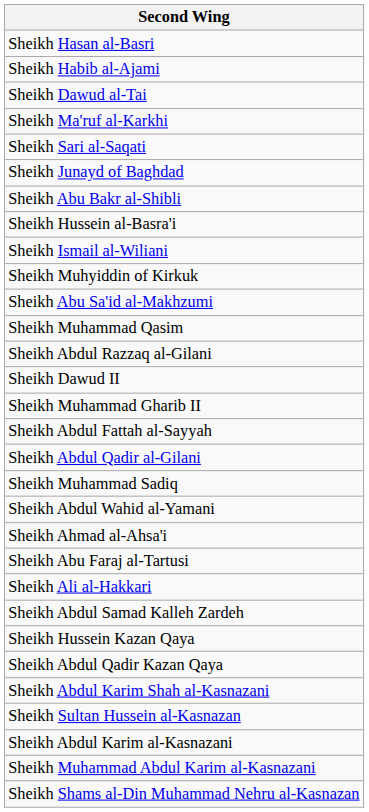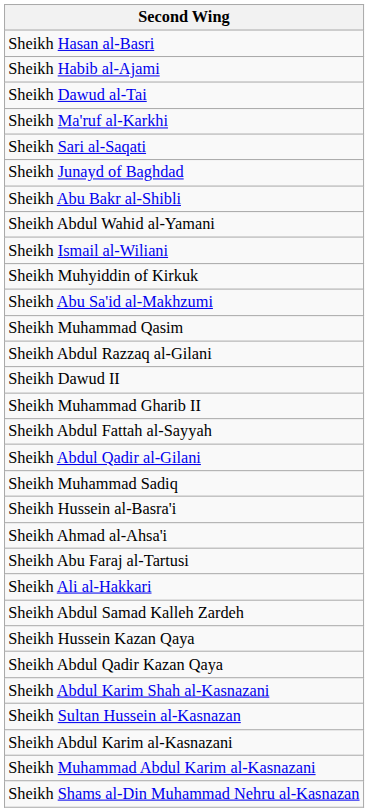 <table class="wikitable">
 <tr>
 <th>Second Wing</th>
 </tr>
 <tr>
 <td>Sheikh <a href='#'>Hasan al-Basri</a></td>
 </tr>
 <tr>
 <td>Sheikh <a href='#'>Habib al-Ajami</a></td>
 </tr>
 <tr>
 <td>Sheikh <a href='#'>Dawud al-Tai</a></td>
 </tr>
 <tr>
 <td>Sheikh <a href='#'>Ma'ruf al-Karkhi</a></td>
 </tr>
 <tr>
 <td>Sheikh <a href='#'>Sari al-Saqati</a></td>
 </tr>
 <tr>
 <td>Sheikh <a href='#'>Junayd of Baghdad</a></td>
 </tr>
 <tr>
 <td>Sheikh <a href='#'>Abu Bakr al-Shibli</a></td>
 </tr>
 <tr>
-<td>Sheikh Hussein al-Basra'i</td>
+<td>Sheikh Abdul Wahid al-Yamani</td>
 </tr>
 <tr>
 <td>Sheikh <a href='#'>Ismail al-Wiliani</a></td>
 </tr>
 <tr>
 <td>Sheikh Muhyiddin of Kirkuk</td>
 </tr>
 <tr>
 <td>Sheikh <a href='#'>Abu Sa'id al-Makhzumi</a></td>
 </tr>
 <tr>
 <td>Sheikh Muhammad Qasim</td>
 </tr>
 <tr>
 <td>Sheikh Abdul Razzaq al-Gilani</td>
 </tr>
 <tr>
 <td>Sheikh Dawud II</td>
 </tr>
 <tr>
 <td>Sheikh Muhammad Gharib II</td>
 </tr>
 <tr>
 <td>Sheikh Abdul Fattah al-Sayyah</td>
 </tr>
 <tr>
 <td>Sheikh <a href='#'>Abdul Qadir al-Gilani</a></td>
 </tr>
 <tr>
 <td>Sheikh Muhammad Sadiq</td>
 </tr>
 <tr>
-<td>Sheikh Abdul Wahid al-Yamani</td>
+<td>Sheikh Hussein al-Basra'i</td>
 </tr>
 <tr>
 <td>Sheikh Ahmad al-Ahsa'i</td>
 </tr>
 <tr>
 <td>Sheikh Abu Faraj al-Tartusi</td>
 </tr>
 <tr>
 <td>Sheikh <a href='#'>Ali al-Hakkari</a></td>
 </tr>
 <tr>
 <td>Sheikh Abdul Samad Kalleh Zardeh</td>
 </tr>
 <tr>
 <td>Sheikh Hussein Kazan Qaya</td>
 </tr>
 <tr>
 <td>Sheikh Abdul Qadir Kazan Qaya</td>
 </tr>
 <tr>
 <td>Sheikh <a href='#'>Abdul Karim Shah al-Kasnazani</a></td>
 </tr>
 <tr>
 <td>Sheikh <a href='#'>Sultan Hussein al-Kasnazan</a></td>
 </tr>
 <tr>
 <td>Sheikh Abdul Karim al-Kasnazani</td>
 </tr>
 <tr>
 <td>Sheikh <a href='#'>Muhammad Abdul Karim al-Kasnazani</a></td>
 </tr>
 <tr>
 <td>Sheikh <a href='#'>Shams al-Din Muhammad Nehru al-Kasnazan</a></td>
 </tr>
 </table>
